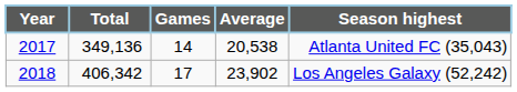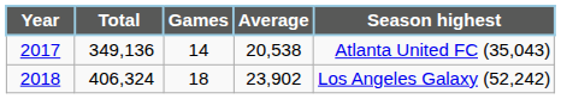 <table class=wikitable style="text-align:center">
 <tr>
 <th style="background:#585958; color:#FFFFFF; border:2px solid #9BCDE4;">Year</th>
 <th style="background:#585958; color:#FFFFFF; border:2px solid #9BCDE4;">Total</th>
 <th style="background:#585958; color:#FFFFFF; border:2px solid #9BCDE4;">Games</th>
 <th style="background:#585958; color:#FFFFFF; border:2px solid #9BCDE4;">Average</th>
 <th style="background:#585958; color:#FFFFFF; border:2px solid #9BCDE4;">Season highest</th>
 </tr>
 <tr>
 <td>  <a href='#'>2017</a>  </td>
 <td>   349,136 </td>
 <td>14</td>
 <td>20,538</td>
 <td align=right><a href='#'>Atlanta United FC</a> (35,043)</td>
 </tr>
 <tr>
 <td><a href='#'>2018</a></td>
-<td>  406,342 </td>
-<td>17</td>
+<td>  406,324 </td>
+<td>18</td>
 <td>23,902</td>
 <td align=right><a href='#'>Los Angeles Galaxy</a> (52,242)</td>
 </tr>
 </table>
